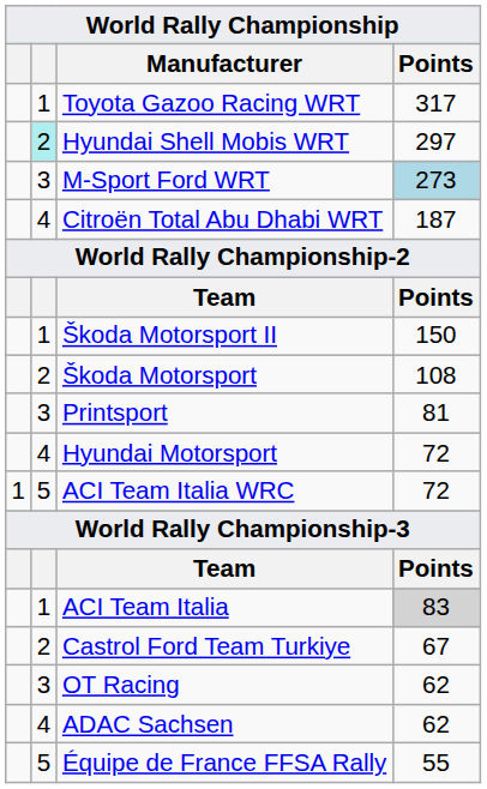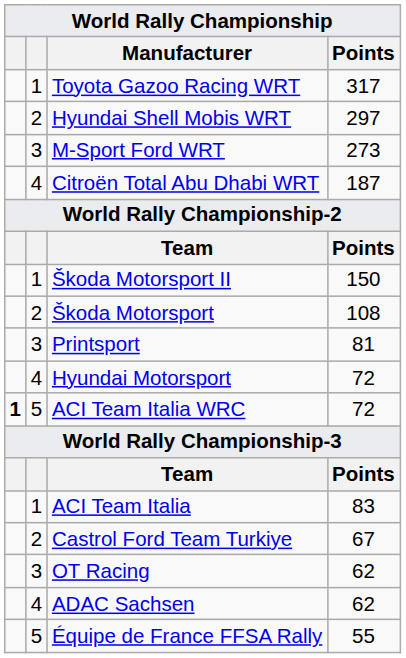 <table class="wikitable" style="font-size: 85%;">
 <tr>
 <td style="background-color:#EAECF0;text-align:center" colspan="4"><strong>World Rally Championship</strong></td>
 </tr>
 <tr>
 <th></th>
 <th align="center"></th>
 <th align="center">Manufacturer</th>
 <th align="center">Points</th>
 </tr>
 <tr>
 <td align="left"></td>
 <td align="center">1</td>
 <td> <a href='#'>Toyota Gazoo Racing WRT</a></td>
 <td align="center">317</td>
 </tr>
 <tr>
 <td align="left"></td>
-<td align="center" style="background: paleturquoise;">2</td>
+<td align="center">2</td>
 <td> <a href='#'>Hyundai Shell Mobis WRT</a></td>
 <td align="center">297</td>
 </tr>
 <tr>
 <td align="left"></td>
 <td align="center">3</td>
 <td> <a href='#'>M-Sport Ford WRT</a></td>
-<td align="center" style="background: lightblue;">273</td>
+<td align="center">273</td>
 </tr>
 <tr>
 <td align="left"></td>
 <td align="center">4</td>
 <td> <a href='#'>Citroën Total Abu Dhabi WRT</a></td>
 <td align="center">187</td>
 </tr>
 <tr>
 <td style="background-color:#EAECF0;text-align:center" colspan="4"><strong>World Rally Championship-2</strong></td>
 </tr>
 <tr>
 <th></th>
 <th align="center"></th>
 <th align="center">Team</th>
 <th align="center">Points</th>
 </tr>
 <tr>
 <td align="left"></td>
 <td align="center">1</td>
 <td> <a href='#'>Škoda Motorsport II</a></td>
 <td align="center">150</td>
 </tr>
 <tr>
 <td align="left"></td>
 <td align="center">2</td>
 <td> <a href='#'>Škoda Motorsport</a></td>
 <td align="center">108</td>
 </tr>
 <tr>
 <td align="left"></td>
 <td align="center">3</td>
 <td> <a href='#'>Printsport</a></td>
 <td align="center">81</td>
 </tr>
 <tr>
 <td align="left"></td>
 <td align="center">4</td>
 <td> <a href='#'>Hyundai Motorsport</a></td>
 <td align="center">72</td>
 </tr>
 <tr>
-<td align="left"> 1</td>
+<td align="left"><strong> 1</strong></td>
 <td align="center">5</td>
 <td> <a href='#'>ACI Team Italia WRC</a></td>
 <td align="center">72</td>
 </tr>
 <tr>
 <td style="background-color:#EAECF0;text-align:center" colspan="4"><strong>World Rally Championship-3</strong></td>
 </tr>
 <tr>
 <th></th>
 <th align="center"></th>
 <th align="center">Team</th>
 <th align="center">Points</th>
 </tr>
 <tr>
 <td align="left"></td>
 <td align="center">1</td>
 <td> <a href='#'>ACI Team Italia</a></td>
-<td align="center" style="background: lightgrey;">83</td>
+<td align="center">83</td>
 </tr>
 <tr>
 <td align="left"></td>
 <td align="center">2</td>
 <td> <a href='#'>Castrol Ford Team Turkiye</a></td>
 <td align="center">67</td>
 </tr>
 <tr>
 <td align="left"></td>
 <td align="center">3</td>
 <td> <a href='#'>OT Racing</a></td>
 <td align="center">62</td>
 </tr>
 <tr>
 <td align="left"></td>
 <td align="center">4</td>
 <td> <a href='#'>ADAC Sachsen</a></td>
 <td align="center">62</td>
 </tr>
 <tr>
 <td align="left"></td>
 <td align="center">5</td>
 <td nowrap> <a href='#'>Équipe de France FFSA Rally</a></td>
 <td align="center">55</td>
 </tr>
 </table>
